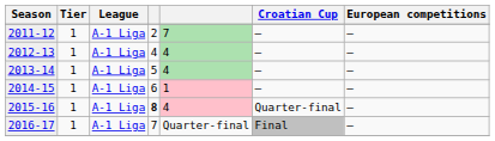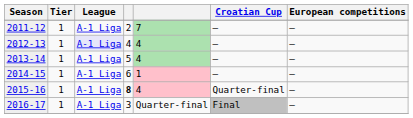 <table class="wikitable" style="font-size:90%">
 <tr bgcolor=>
 <th>Season</th>
 <th>Tier</th>
 <th>League</th>
 <th></th>
 <th></th>
 <th><a href='#'>Croatian Cup</a></th>
 <th>European competitions</th>
 </tr>
 <tr>
 </tr>
 <tr>
 <td style="background:#efefef;"><a href='#'>2011-12</a></td>
 <td align="center">1</td>
 <td><a href='#'>A-1 Liga</a></td>
 <td style="background: " align="center">2</td>
 <td style="background:#ACE1AF">7</td>
 <td style="background: ">–</td>
 <td>–</td>
 </tr>
 <tr>
 <td style="background:#efefef;"><a href='#'>2012-13</a></td>
 <td align="center">1</td>
-<td><a href='#'>A-1 Liga</a></td>
+<td style="background: lavender;"><a href='#'>A-1 Liga</a></td>
 <td style="background: " align="center">4</td>
 <td style="background:#ACE1AF">4</td>
 <td style="background: ">–</td>
 <td>–</td>
 </tr>
 <tr>
 <td style="background:#efefef;"><a href='#'>2013-14</a></td>
 <td align="center">1</td>
 <td><a href='#'>A-1 Liga</a></td>
 <td style="background: " align="center">5</td>
 <td style="background:#ACE1AF">4</td>
 <td style="background: ">–</td>
 <td>–</td>
 </tr>
 <tr>
 <td style="background:#efefef;"><a href='#'>2014-15</a></td>
 <td align="center">1</td>
 <td><a href='#'>A-1 Liga</a></td>
 <td style="background: " align="center">6</td>
 <td style="background:#FFC0CB">1</td>
 <td style="background: ">–</td>
 <td>–</td>
 </tr>
 <tr>
 <td style="background:#efefef;"><a href='#'>2015-16</a></td>
 <td align="center">1</td>
 <td><a href='#'>A-1 Liga</a></td>
 <td style="background: " align="center"><strong>8</strong></td>
 <td style="background:#FFC0CB">4</td>
 <td style="background:">Quarter-final</td>
 <td>–</td>
 </tr>
 <tr>
 <td style="background:#efefef;"><a href='#'>2016-17</a></td>
 <td align="center">1</td>
 <td><a href='#'>A-1 Liga</a></td>
-<td style="background: " align="center">7</td>
+<td style="background: " align="center">3</td>
 <td style="background:">Quarter-final</td>
 <td style="background:#C0C0C0">Final</td>
 <td>–</td>
 </tr>
 <tr>
 </tr>
 </table>
